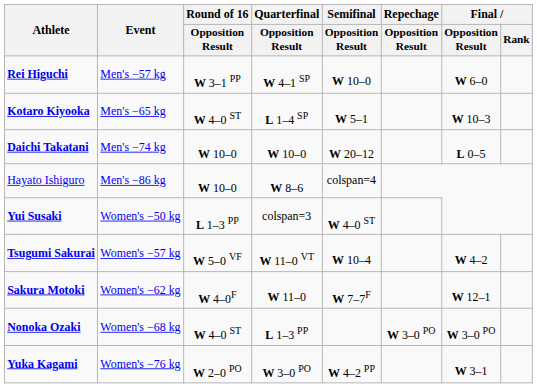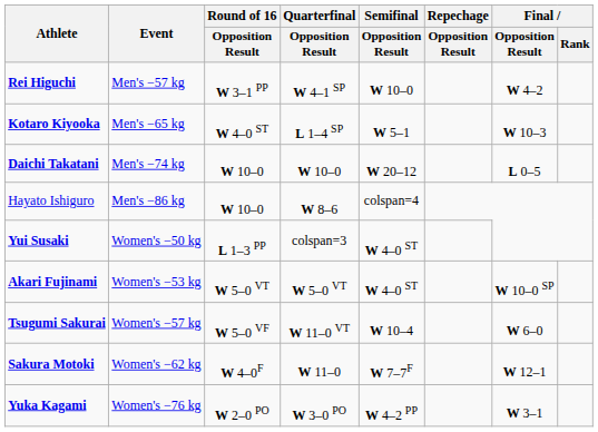 <table class="wikitable" style="font-size:90%">
 <tr>
 <th rowspan=2>Athlete</th>
 <th rowspan=2>Event</th>
 <th>Round of 16</th>
 <th>Quarterfinal</th>
 <th>Semifinal</th>
 <th>Repechage</th>
 <th colspan=2>Final / </th>
 </tr>
 <tr style="font-size: 95%">
 <th>Opposition<br>Result</th>
 <th>Opposition<br>Result</th>
 <th>Opposition<br>Result</th>
 <th>Opposition<br>Result</th>
 <th>Opposition<br>Result</th>
 <th>Rank</th>
 </tr>
 <tr align=center>
 <td align=left><strong><a href='#'>Rei Higuchi</a></strong></td>
 <td align=left><a href='#'>Men's −57 kg</a></td>
 <td> <br> <strong>W</strong> 3–1 <sup>PP</sup></td>
 <td> <br> <strong>W</strong> 4–1 <sup>SP</sup></td>
 <td> <br> <strong>W</strong> 10–0</td>
 <td></td>
-<td> <br> <strong>W</strong> 6–0</td>
+<td> <br> <strong>W</strong> 4–2</td>
 <td></td>
 </tr>
 <tr align=center>
 <td align=left><strong><a href='#'>Kotaro Kiyooka</a></strong></td>
 <td align=left><a href='#'>Men's −65 kg</a></td>
 <td> <br> <strong>W</strong> 4–0 <sup>ST</sup></td>
 <td> <br> <strong>L</strong> 1–4 <sup>SP</sup></td>
 <td><br><strong>W</strong> 5–1</td>
 <td></td>
 <td><br><strong>W</strong> 10–3</td>
 <td></td>
 </tr>
 <tr align=center>
 <td align=left><strong><a href='#'>Daichi Takatani</a></strong></td>
 <td align=left><a href='#'>Men's −74 kg</a></td>
 <td><br><strong>W</strong> 10–0</td>
 <td><br><strong>W</strong> 10–0</td>
 <td><br><strong>W</strong> 20–12</td>
 <td></td>
 <td><br><strong>L</strong> 0–5</td>
 <td></td>
 </tr>
 <tr align=center>
 <td align=left><a href='#'>Hayato Ishiguro</a></td>
 <td align=left><a href='#'>Men's −86 kg</a></td>
 <td><br><strong>W</strong> 10–0</td>
 <td><br><strong>W</strong> 8–6</td>
 <td>colspan=4 </td>
 </tr>
 <tr align=center>
 <td align=left><strong><a href='#'>Yui Susaki</a></strong></td>
 <td align=left><a href='#'>Women's −50 kg</a></td>
 <td><br> <strong>L</strong> 1–3 <sup>PP</sup></td>
 <td>colspan=3 </td>
 <td><br><strong>W</strong> 4–0 <sup>ST</sup></td>
 <td></td>
 </tr>
 <tr align=center>
+<td align=left><strong><a href='#'>Akari Fujinami</a></strong></td>
+<td align=left><a href='#'>Women's −53 kg</a></td>
+<td><br><strong>W</strong> 5–0 <sup>VT</sup></td>
+<td><br><strong>W</strong> 5–0 <sup>VT</sup></td>
+<td><br><strong>W</strong> 4–0 <sup>ST</sup></td>
+<td></td>
+<td><br> <strong>W</strong> 10–0 <sup>SP</sup></td>
+<td></td>
+</tr>
+<tr align=center>
 <td align=left><strong><a href='#'>Tsugumi Sakurai</a></strong></td>
 <td align=left><a href='#'>Women's −57 kg</a></td>
 <td> <br> <strong>W</strong> 5–0 <sup>VF</sup></td>
 <td> <br> <strong>W</strong> 11–0 <sup>VT</sup></td>
 <td> <br> <strong>W</strong> 10–4</td>
 <td></td>
-<td> <br> <strong>W</strong> 4–2</td>
+<td> <br> <strong>W</strong> 6–0</td>
 <td></td>
 </tr>
 <tr align=center>
 <td align=left><strong><a href='#'>Sakura Motoki</a></strong></td>
 <td align=left><a href='#'>Women's −62 kg</a></td>
 <td><br><strong>W</strong> 4–0<sup>F</sup></td>
 <td><br><strong>W</strong> 11–0</td>
 <td><br><strong>W</strong> 7–7<sup>F</sup></td>
 <td></td>
 <td><br><strong>W</strong> 12–1</td>
 <td></td>
 </tr>
 <tr align=center>
-<td align=left><strong><a href='#'>Nonoka Ozaki</a></strong></td>
-<td align=left><a href='#'>Women's −68 kg</a></td>
-<td><br><strong>W</strong> 4–0 <sup>ST</sup></td>
-<td><br><strong>L</strong> 1–3 <sup>PP</sup></td>
-<td></td>
-<td><br><strong>W</strong> 3–0 <sup>PO</sup></td>
-<td><br><strong>W</strong> 3–0 <sup>PO</sup></td>
-<td></td>
-</tr>
-<tr align=center>
 <td align=left><strong><a href='#'>Yuka Kagami</a></strong></td>
 <td align=left><a href='#'>Women's −76 kg</a></td>
 <td><br><strong>W</strong> 2–0 <sup>PO</sup></td>
 <td><br><strong>W</strong> 3–0 <sup>PO</sup></td>
 <td><br><strong>W</strong> 4–2 <sup>PP</sup></td>
 <td></td>
 <td><br><strong>W</strong> 3–1</td>
 <td></td>
 </tr>
 </table>
